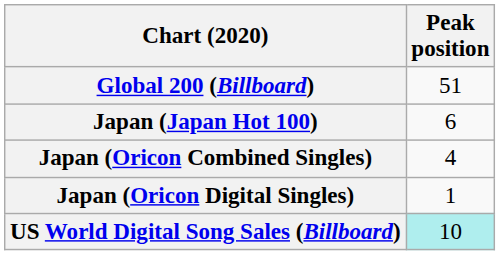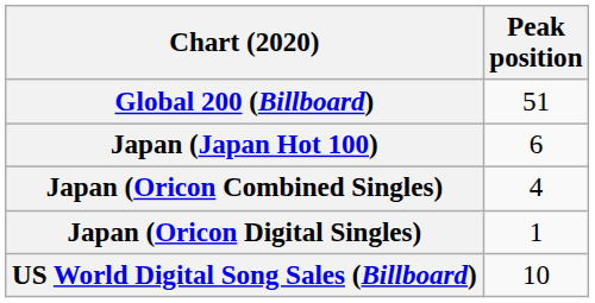 <table class="wikitable sortable plainrowheaders" style="text-align:center">
 <tr>
 <th scope="col">Chart (2020)</th>
 <th scope="col">Peak<br>position</th>
 </tr>
 <tr>
 <th scope="row"><a href='#'>Global 200</a> (<em><a href='#'>Billboard</a></em>)</th>
 <td>51</td>
 </tr>
 <tr>
 <th scope="row">Japan (<a href='#'>Japan Hot 100</a>)</th>
 <td>6</td>
 </tr>
 <tr>
 <th scope="row">Japan (<a href='#'>Oricon</a> Combined Singles)</th>
 <td>4</td>
 </tr>
 <tr>
 <th scope="row">Japan (<a href='#'>Oricon</a> Digital Singles)</th>
 <td>1</td>
 </tr>
 <tr>
 <th scope="row">US <a href='#'>World Digital Song Sales</a> (<em><a href='#'>Billboard</a></em>)</th>
-<td style="background: paleturquoise;">10</td>
+<td>10</td>
 </tr>
 </table>
